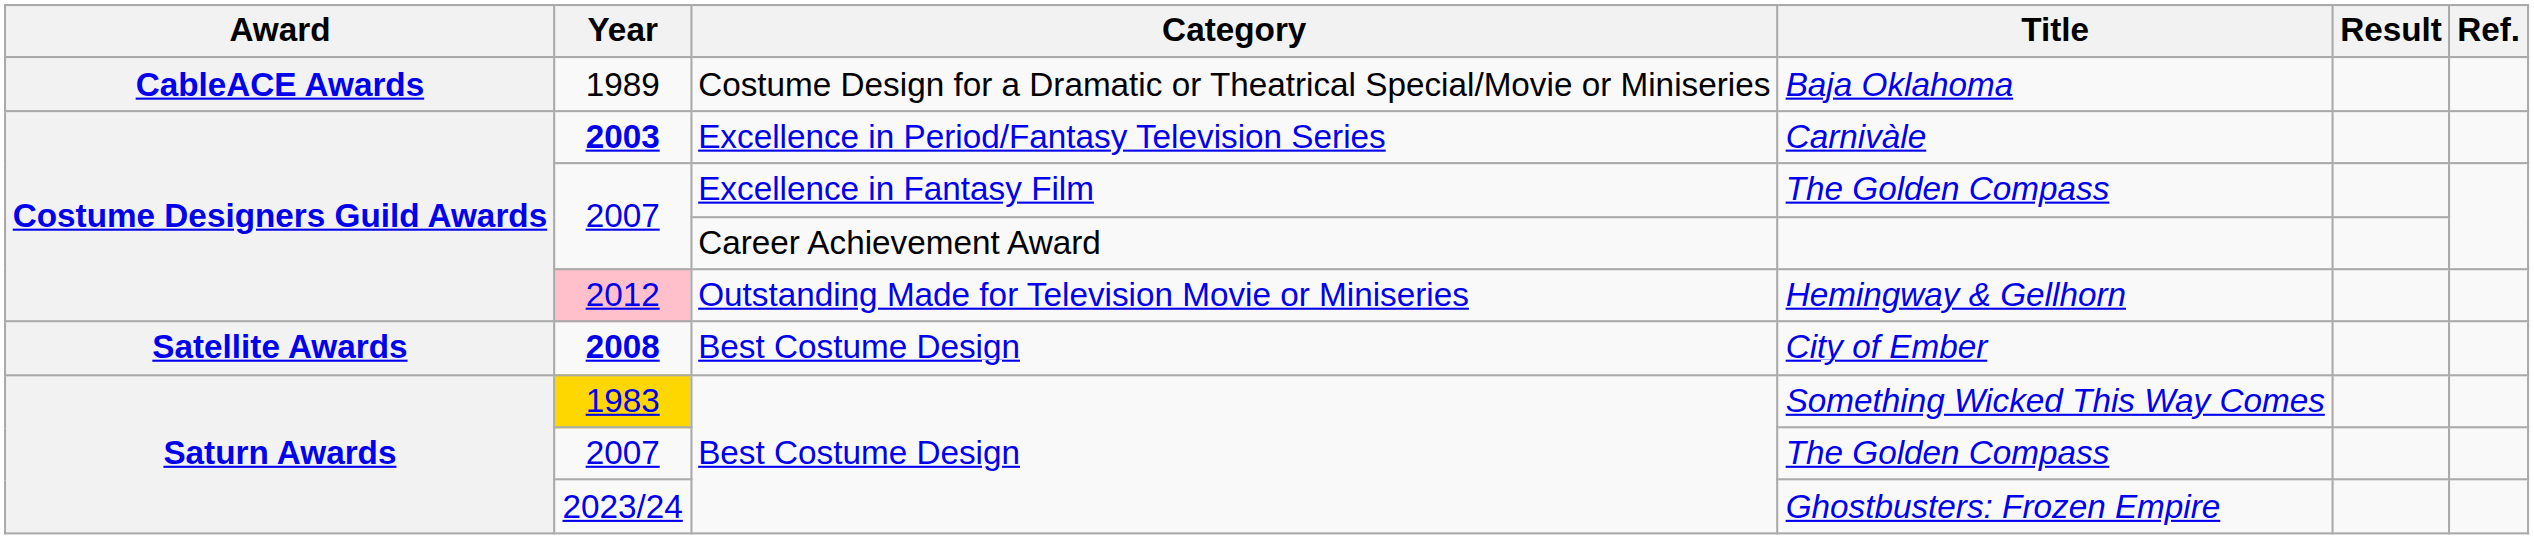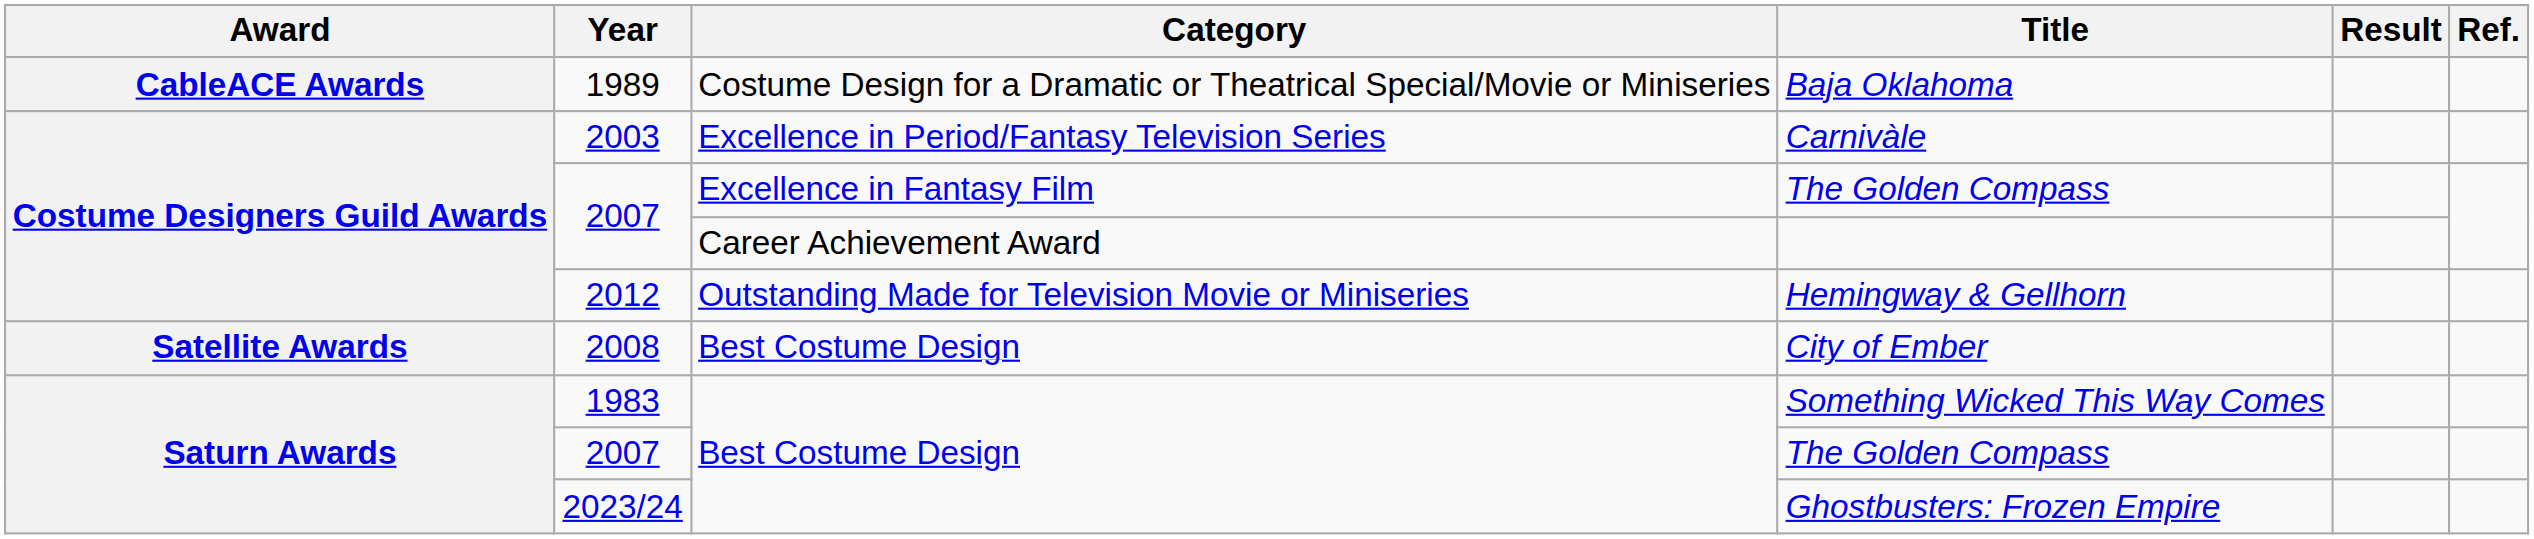 <table class="wikitable sortable">
 <tr>
 <th scope="col">Award</th>
 <th scope="col">Year</th>
 <th scope="col">Category</th>
 <th scope="col">Title</th>
 <th scope="col">Result</th>
 <th>Ref.</th>
 </tr>
 <tr>
 <th scope="row" style="text-align:center;"><a href='#'>CableACE Awards</a></th>
 <td style="text-align:center;">1989</td>
 <td>Costume Design for a Dramatic or Theatrical Special/Movie or Miniseries</td>
 <td><em><a href='#'>Baja Oklahoma</a></em></td>
 <td></td>
 <td style="text-align:center;"></td>
 </tr>
 <tr>
 <th rowspan="4" scope="row" style="text-align:center;"><a href='#'>Costume Designers Guild Awards</a></th>
-<td style="text-align:center;"><strong><a href='#'>2003</a></strong></td>
+<td style="text-align:center;"><a href='#'>2003</a></td>
 <td><a href='#'>Excellence in Period/Fantasy Television Series</a></td>
 <td><em><a href='#'>Carnivàle</a></em> </td>
 <td></td>
 <td style="text-align:center;"></td>
 </tr>
 <tr>
 <td rowspan="2" style="text-align:center;"><a href='#'>2007</a></td>
 <td><a href='#'>Excellence in Fantasy Film</a></td>
 <td><em><a href='#'>The Golden Compass</a></em></td>
 <td></td>
 <td rowspan="2" style="text-align:center;"></td>
 </tr>
 <tr>
 <td>Career Achievement Award</td>
 <td></td>
 <td></td>
 </tr>
 <tr>
-<td style="background: pink; text-align:center;"><a href='#'>2012</a></td>
+<td style="text-align:center;"><a href='#'>2012</a></td>
 <td><a href='#'>Outstanding Made for Television Movie or Miniseries</a></td>
 <td><em><a href='#'>Hemingway & Gellhorn</a></em></td>
 <td></td>
 <td style="text-align:center;"></td>
 </tr>
 <tr>
 <th scope="row" style="text-align:center;"><a href='#'>Satellite Awards</a></th>
-<td style="text-align:center;"><strong><a href='#'>2008</a></strong></td>
+<td style="text-align:center;"><a href='#'>2008</a></td>
 <td><a href='#'>Best Costume Design</a></td>
 <td><em><a href='#'>City of Ember</a></em></td>
 <td></td>
 <td style="text-align:center;"></td>
 </tr>
 <tr>
 <th rowspan="3" scope="row" style="text-align:center;"><a href='#'>Saturn Awards</a></th>
-<td style="background: gold; text-align:center;"><a href='#'>1983</a></td>
+<td style="text-align:center;"><a href='#'>1983</a></td>
 <td rowspan="3"><a href='#'>Best Costume Design</a></td>
 <td><em><a href='#'>Something Wicked This Way Comes</a></em></td>
 <td></td>
 <td style="text-align:center;"></td>
 </tr>
 <tr>
 <td style="text-align:center;"><a href='#'>2007</a></td>
 <td><em><a href='#'>The Golden Compass</a></em></td>
 <td></td>
 <td style="text-align:center;"></td>
 </tr>
 <tr>
 <td style="text-align:center;"><a href='#'>2023/24</a></td>
 <td><em><a href='#'>Ghostbusters: Frozen Empire</a></em></td>
 <td></td>
 <td style="text-align:center;"></td>
 </tr>
 </table>
